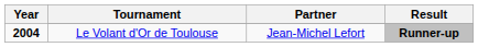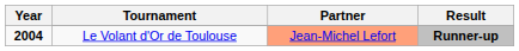 <table class="wikitable"  style="width:600px; font-size:95%; text-align:center;">
 <tr>
 <th align="left">Year</th>
 <th align="left">Tournament</th>
 <th align="left">Partner</th>
 <th align="left">Result</th>
 </tr>
 <tr>
 <td rowspan="2"><strong>2004</strong></td>
 </tr>
 <tr>
 <td><a href='#'>Le Volant d'Or de Toulouse</a></td>
-<td><a href='#'>Jean-Michel Lefort</a></td>
+<td style="background: lightsalmon;"><a href='#'>Jean-Michel Lefort</a></td>
 <td style="background: silver"><strong>Runner-up</strong></td>
 </tr>
 </table>
